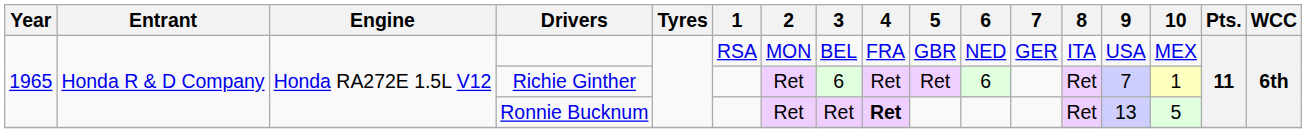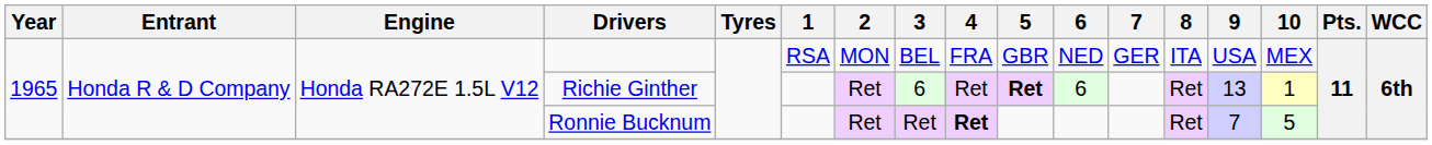 <table class="wikitable" style="text-align:center; font-size:95%">
 <tr>
 <th>Year</th>
 <th>Entrant</th>
 <th>Engine</th>
 <th>Drivers</th>
 <th>Tyres</th>
 <th>1</th>
 <th>2</th>
 <th>3</th>
 <th>4</th>
 <th>5</th>
 <th>6</th>
 <th>7</th>
 <th>8</th>
 <th>9</th>
 <th>10</th>
 <th>Pts.</th>
 <th>WCC</th>
 </tr>
 <tr>
 <td rowspan=3><a href='#'>1965</a></td>
 <td rowspan=3><a href='#'>Honda R & D Company</a></td>
 <td rowspan=3><a href='#'>Honda</a> RA272E 1.5L <a href='#'>V12</a></td>
 <td></td>
 <td rowspan=3></td>
 <td><a href='#'>RSA</a></td>
 <td><a href='#'>MON</a></td>
 <td><a href='#'>BEL</a></td>
 <td><a href='#'>FRA</a></td>
 <td><a href='#'>GBR</a></td>
 <td><a href='#'>NED</a></td>
 <td><a href='#'>GER</a></td>
 <td><a href='#'>ITA</a></td>
 <td><a href='#'>USA</a></td>
 <td><a href='#'>MEX</a></td>
 <th rowspan="3">11</th>
 <th rowspan="3">6th</th>
 </tr>
 <tr>
 <td><a href='#'>Richie Ginther</a></td>
 <td></td>
 <td style="background:#EFCFFF;">Ret</td>
 <td style="background:#DFFFDF;">6</td>
 <td style="background:#EFCFFF;">Ret</td>
-<td style="background:#EFCFFF;">Ret</td>
+<td style="background:#EFCFFF;"><strong>Ret</strong></td>
 <td style="background:#DFFFDF;">6</td>
 <td></td>
 <td style="background:#EFCFFF;">Ret</td>
-<td style="background:#CFCFFF;">7</td>
+<td style="background:#CFCFFF;">13</td>
 <td style="background:#FFFFBF;">1</td>
 </tr>
 <tr>
 <td><a href='#'>Ronnie Bucknum</a></td>
 <td></td>
 <td style="background:#EFCFFF;">Ret</td>
 <td style="background:#EFCFFF;">Ret</td>
 <td style="background:#EFCFFF;"><strong>Ret</strong></td>
 <td></td>
 <td></td>
 <td></td>
 <td style="background:#EFCFFF;">Ret</td>
-<td style="background:#CFCFFF;">13</td>
+<td style="background:#CFCFFF;">7</td>
 <td style="background:#DFFFDF;">5</td>
 </tr>
 <tr>
 </tr>
 </table>
